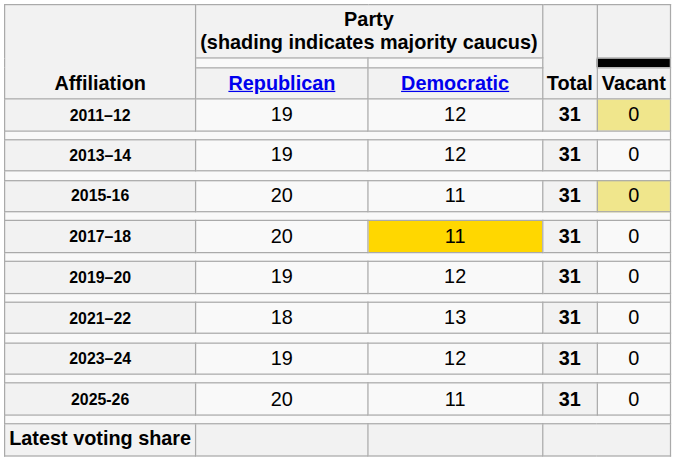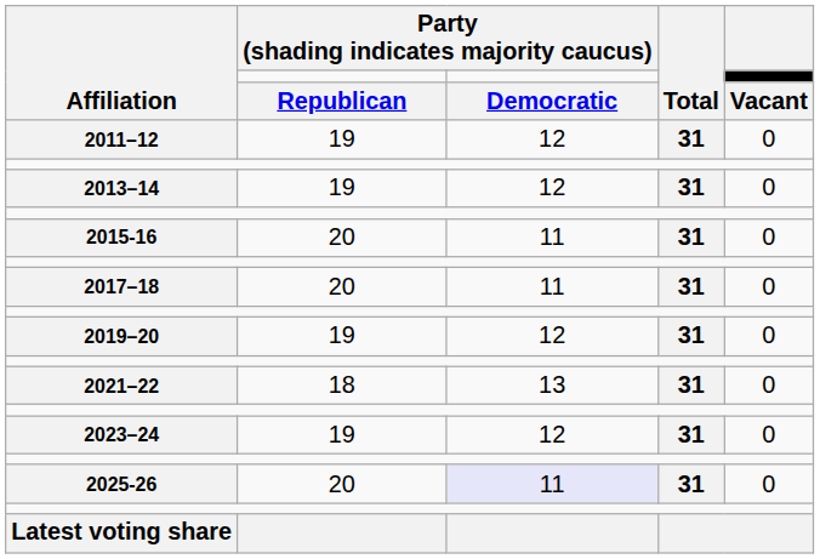 <table class="wikitable" style="text-align:center">
 <tr style="vertical-align:bottom;">
 <th rowspan=3>Affiliation</th>
 <th colspan=2>Party <div>(shading indicates majority caucus)</div></th>
 <th rowspan=3>Total</th>
 <th></th>
 </tr>
 <tr style="height:5px">
 <td style="background-color:"></td>
 <td style="background-color:"></td>
 <td style="background-color:black"></td>
 </tr>
 <tr>
 <th><a href='#'>Republican</a></th>
 <th><a href='#'>Democratic</a></th>
 <th>Vacant</th>
 </tr>
 <tr>
 <th nowrap style="font-size:80%">2011–12</th>
 <td>19</td>
 <td>12</td>
 <th>31</th>
-<td style="background: khaki;">0</td>
+<td>0</td>
 </tr>
 <tr>
 <td colspan=5></td>
 </tr>
 <tr>
 <th nowrap style="font-size:80%">2013–14</th>
 <td>19</td>
 <td>12</td>
 <th>31</th>
 <td>0</td>
 </tr>
 <tr>
 <td colspan=5></td>
 </tr>
 <tr>
 <th nowrap style="font-size:80%">2015-16</th>
 <td>20</td>
 <td>11</td>
 <th>31</th>
-<td style="background: khaki;">0</td>
+<td>0</td>
 </tr>
 <tr>
 <td colspan=5></td>
 </tr>
 <tr>
 <th nowrap style="font-size:80%">2017–18</th>
 <td>20</td>
-<td style="background: gold;">11</td>
+<td>11</td>
 <th>31</th>
 <td>0</td>
 </tr>
 <tr>
 <td colspan=5></td>
 </tr>
 <tr>
 <th nowrap style="font-size:80%">2019–20</th>
 <td>19</td>
 <td>12</td>
 <th>31</th>
 <td>0</td>
 </tr>
 <tr>
 <td colspan=5></td>
 </tr>
 <tr>
 <th nowrap="" style="font-size:80%">2021–22</th>
 <td>18</td>
 <td>13</td>
 <th>31</th>
 <td>0</td>
 </tr>
 <tr>
 <td colspan=5></td>
 </tr>
 <tr>
 <th nowrap="" style="font-size:80%">2023–24</th>
 <td>19</td>
 <td>12</td>
 <th>31</th>
 <td>0</td>
 </tr>
 <tr>
 <td colspan=5></td>
 </tr>
 <tr>
 <th nowrap="" style="font-size:80%">2025-26</th>
 <td>20</td>
-<td>11</td>
+<td style="background: lavender;">11</td>
 <th>31</th>
 <td>0</td>
 </tr>
 <tr>
 <td colspan=5></td>
 </tr>
 <tr>
 <th>Latest voting share</th>
 <th></th>
 <th></th>
 <th colspan=2></th>
 </tr>
 </table>
